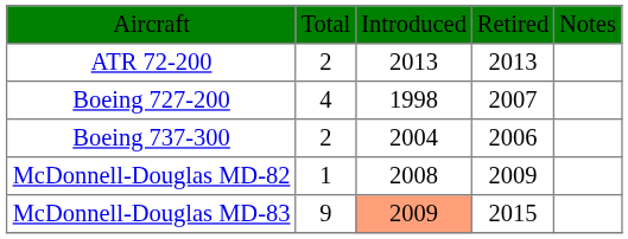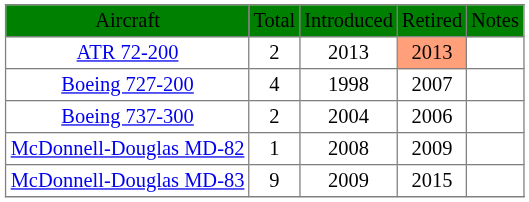 <table class="toccolours" border="1" cellpadding="3" style="margin:1em auto; border-collapse:collapse;text-align:center">
 <tr bgcolor=green>
 <td><span>Aircraft</span></td>
 <td><span>Total</span></td>
 <td><span>Introduced</span></td>
 <td><span>Retired</span></td>
 <td><span>Notes</span></td>
 </tr>
 <tr>
 <td><a href='#'>ATR 72-200</a></td>
 <td>2</td>
 <td>2013</td>
-<td>2013</td>
+<td style="background: lightsalmon;">2013</td>
 <td></td>
 </tr>
 <tr>
 <td><a href='#'>Boeing 727-200</a></td>
 <td>4</td>
 <td>1998</td>
 <td>2007</td>
 <td></td>
 </tr>
 <tr>
 <td><a href='#'>Boeing 737-300</a></td>
 <td>2</td>
 <td>2004</td>
 <td>2006</td>
 <td></td>
 </tr>
 <tr>
 <td><a href='#'>McDonnell-Douglas MD-82</a></td>
 <td>1</td>
 <td>2008</td>
 <td>2009</td>
 <td></td>
 </tr>
 <tr>
 <td><a href='#'>McDonnell-Douglas MD-83</a></td>
 <td>9</td>
-<td style="background: lightsalmon;">2009</td>
+<td>2009</td>
 <td>2015</td>
 <td></td>
 </tr>
 <tr>
 </tr>
 </table>
